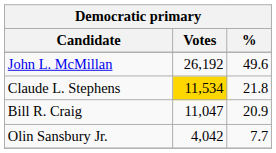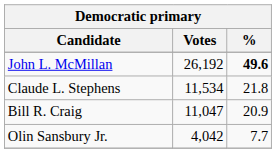 <table class="wikitable" align="left" style="margin: 1em 1em 1em 0; font-size: 95%;">
 <tr>
 <th colspan="3">Democratic primary</th>
 </tr>
 <tr>
 <th colspan="1" style="width: 170px">Candidate</th>
 <th style="width: 50px">Votes</th>
 <th style="width: 40px">%</th>
 </tr>
 <tr>
 </tr>
 <tr>
 <td><a href='#'>John L. McMillan</a></td>
 <td align="right">26,192</td>
-<td align="right">49.6</td>
+<td align="right"><strong>49.6</strong></td>
 </tr>
 <tr>
 <td>Claude L. Stephens</td>
-<td align="right" style="background: gold;">11,534</td>
+<td align="right">11,534</td>
 <td align="right">21.8</td>
 </tr>
 <tr>
 <td>Bill R. Craig</td>
 <td align="right">11,047</td>
 <td align="right">20.9</td>
 </tr>
 <tr>
 <td>Olin Sansbury Jr.</td>
 <td align="right">4,042</td>
 <td align="right">7.7</td>
 </tr>
 <tr>
 </tr>
 </table>
